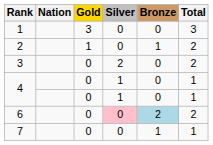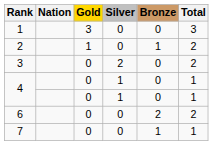 <table class="wikitable sortable" style="text-align:center">
 <tr>
 <th>Rank</th>
 <th>Nation</th>
 <th style="background-color:gold">Gold</th>
 <th style="background-color:silver">Silver</th>
 <th style="background-color:#cc9966">Bronze</th>
 <th>Total</th>
 </tr>
 <tr>
 <td>1</td>
 <td align=left></td>
 <td>3</td>
 <td>0</td>
 <td>0</td>
 <td>3</td>
 </tr>
 <tr>
 <td>2</td>
 <td align=left></td>
 <td>1</td>
 <td>0</td>
 <td>1</td>
 <td>2</td>
 </tr>
 <tr>
 <td>3</td>
 <td align=left></td>
 <td>0</td>
 <td>2</td>
 <td>0</td>
 <td>2</td>
 </tr>
 <tr>
 <td rowspan=2>4</td>
 <td align=left></td>
 <td>0</td>
 <td>1</td>
 <td>0</td>
 <td>1</td>
 </tr>
 <tr>
 <td align=left></td>
 <td>0</td>
 <td>1</td>
 <td>0</td>
 <td>1</td>
 </tr>
 <tr>
 <td>6</td>
 <td align=left></td>
 <td>0</td>
-<td style="background: pink;">0</td>
-<td style="background: lightblue;">2</td>
+<td>0</td>
+<td>2</td>
 <td>2</td>
 </tr>
 <tr>
 <td>7</td>
 <td align=left></td>
 <td>0</td>
 <td>0</td>
 <td>1</td>
 <td>1</td>
 </tr>
 </table>
